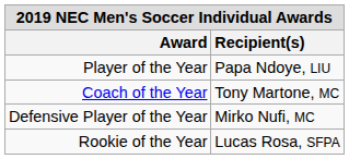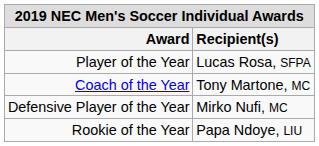 <table class="wikitable" style="white-space:nowrap; font-size:90%;">
 <tr>
 <td colspan="7" style="text-align:center; background:#ddd;"><strong>2019 NEC Men's Soccer Individual Awards</strong></td>
 </tr>
 <tr>
 <th style="text-align:right;">Award</th>
 <th style="text-align:left;">Recipient(s)</th>
 </tr>
 <tr>
 <td style="text-align:right;">Player of the Year</td>
-<td style="text-align:left;">Papa Ndoye, <small>LIU</small></td>
+<td style="text-align:left;">Lucas Rosa, <small>SFPA</small></td>
 </tr>
 <tr>
 <td style="text-align:right;"><a href='#'>Coach of the Year</a></td>
 <td style="text-align:left;">Tony Martone, <small>MC</small></td>
 </tr>
 <tr>
 <td style="text-align:right;">Defensive Player of the Year</td>
 <td style="text-align:left;">Mirko Nufi, <small>MC</small></td>
 </tr>
 <tr>
 <td style="text-align:right;">Rookie of the Year</td>
-<td style="text-align:left;">Lucas Rosa, <small>SFPA</small></td>
+<td style="text-align:left;">Papa Ndoye, <small>LIU</small></td>
 </tr>
 </table>
